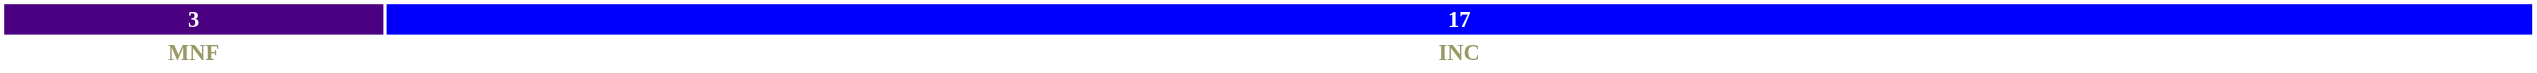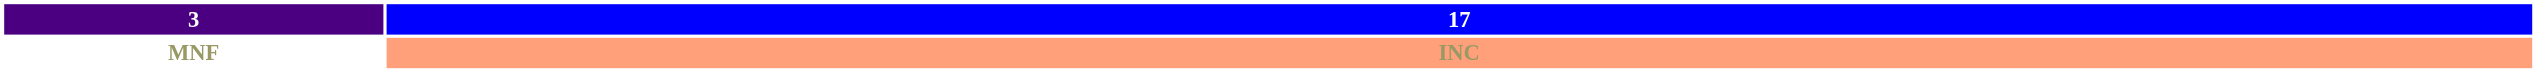 <table style="width:100%; font-size:88%; text-align:center;">
 <tr style="font-weight:bold">
 <td style="background:indigo; width:15%; color:white">3</td>
 <td style="background:blue; width:85%; color:white">17</td>
 </tr>
 <tr style="font-weight:bold; color:#996;">
 <td>MNF</td>
-<td>INC</td>
+<td style="background: lightsalmon;">INC</td>
 </tr>
 </table>
